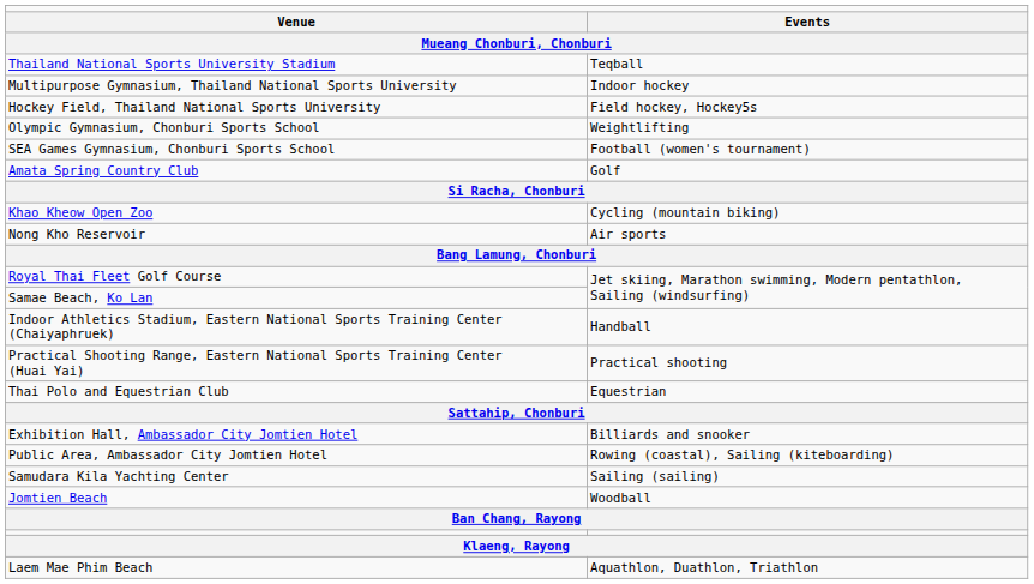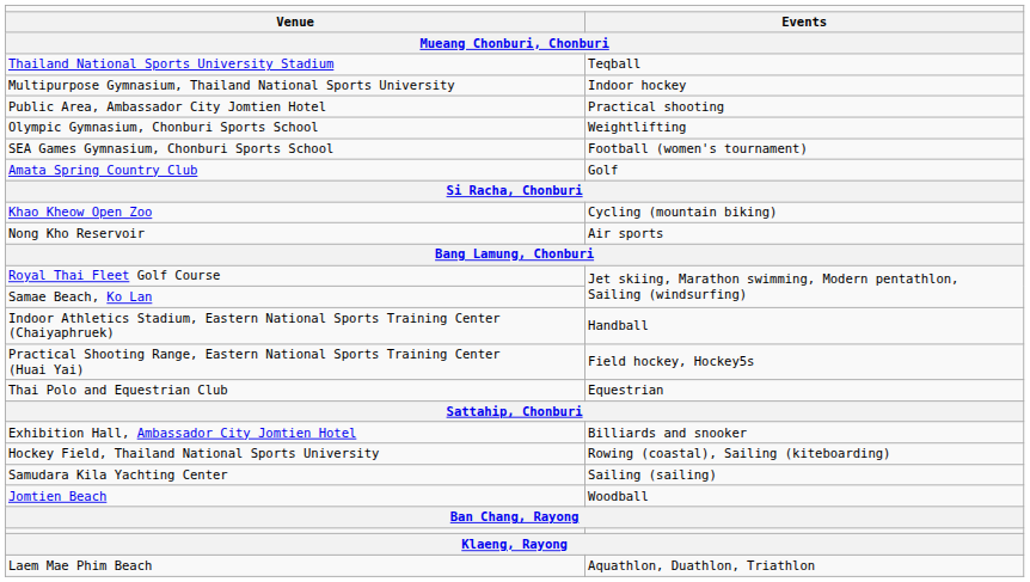 <table class="wikitable" style="width:75%; font-size:90%;">
 <tr>
 <td colspan="2" style="text-align:center;"></td>
 </tr>
 <tr>
 <th>Venue</th>
 <th>Events</th>
 </tr>
 <tr>
 <th colspan="2"><a href='#'>Mueang Chonburi, Chonburi</a></th>
 </tr>
 <tr>
 <td><a href='#'>Thailand National Sports University Stadium</a></td>
 <td>Teqball</td>
 </tr>
 <tr>
 <td>Multipurpose Gymnasium, Thailand National Sports University</td>
 <td>Indoor hockey</td>
 </tr>
 <tr>
-<td>Hockey Field, Thailand National Sports University</td>
-<td>Field hockey, Hockey5s</td>
+<td>Public Area, Ambassador City Jomtien Hotel</td>
+<td>Practical shooting</td>
 </tr>
 <tr>
 <td>Olympic Gymnasium, Chonburi Sports School</td>
 <td>Weightlifting</td>
 </tr>
 <tr>
 <td>SEA Games Gymnasium, Chonburi Sports School</td>
 <td>Football (women's tournament)</td>
 </tr>
 <tr>
 <td><a href='#'>Amata Spring Country Club</a></td>
 <td>Golf</td>
 </tr>
 <tr>
 <th colspan="2"><a href='#'>Si Racha, Chonburi</a></th>
 </tr>
 <tr>
 <td><a href='#'>Khao Kheow Open Zoo</a></td>
 <td>Cycling (mountain biking)</td>
 </tr>
 <tr>
 <td>Nong Kho Reservoir</td>
 <td>Air sports</td>
 </tr>
 <tr>
 <th colspan="2"><a href='#'>Bang Lamung, Chonburi</a></th>
 </tr>
 <tr>
 <td><a href='#'>Royal Thai Fleet</a> Golf Course</td>
 <td rowspan="2">Jet skiing, Marathon swimming, Modern pentathlon,<br>Sailing (windsurfing)</td>
 </tr>
 <tr>
 <td>Samae Beach, <a href='#'>Ko Lan</a></td>
 </tr>
 <tr>
 <td>Indoor Athletics Stadium, Eastern National Sports Training Center<br>(Chaiyaphruek)</td>
 <td>Handball</td>
 </tr>
 <tr>
 <td>Practical Shooting Range, Eastern National Sports Training Center<br>(Huai Yai)</td>
-<td>Practical shooting</td>
+<td>Field hockey, Hockey5s</td>
 </tr>
 <tr>
 <td>Thai Polo and Equestrian Club</td>
 <td>Equestrian</td>
 </tr>
 <tr>
 <th colspan="2"><a href='#'>Sattahip, Chonburi</a></th>
 </tr>
 <tr>
 <td>Exhibition Hall, <a href='#'>Ambassador City Jomtien Hotel</a></td>
 <td>Billiards and snooker</td>
 </tr>
 <tr>
-<td>Public Area, Ambassador City Jomtien Hotel</td>
+<td>Hockey Field, Thailand National Sports University</td>
 <td>Rowing (coastal), Sailing (kiteboarding)</td>
 </tr>
 <tr>
 <td>Samudara Kila Yachting Center</td>
 <td>Sailing (sailing)</td>
 </tr>
 <tr>
 <td><a href='#'>Jomtien Beach</a></td>
 <td>Woodball</td>
 </tr>
 <tr>
 <th colspan="2"><a href='#'>Ban Chang, Rayong</a></th>
 </tr>
 <tr>
 <td></td>
 <td></td>
 </tr>
 <tr>
 <th colspan="2"><a href='#'>Klaeng, Rayong</a></th>
 </tr>
 <tr>
 <td>Laem Mae Phim Beach</td>
 <td>Aquathlon, Duathlon, Triathlon</td>
 </tr>
 </table>
